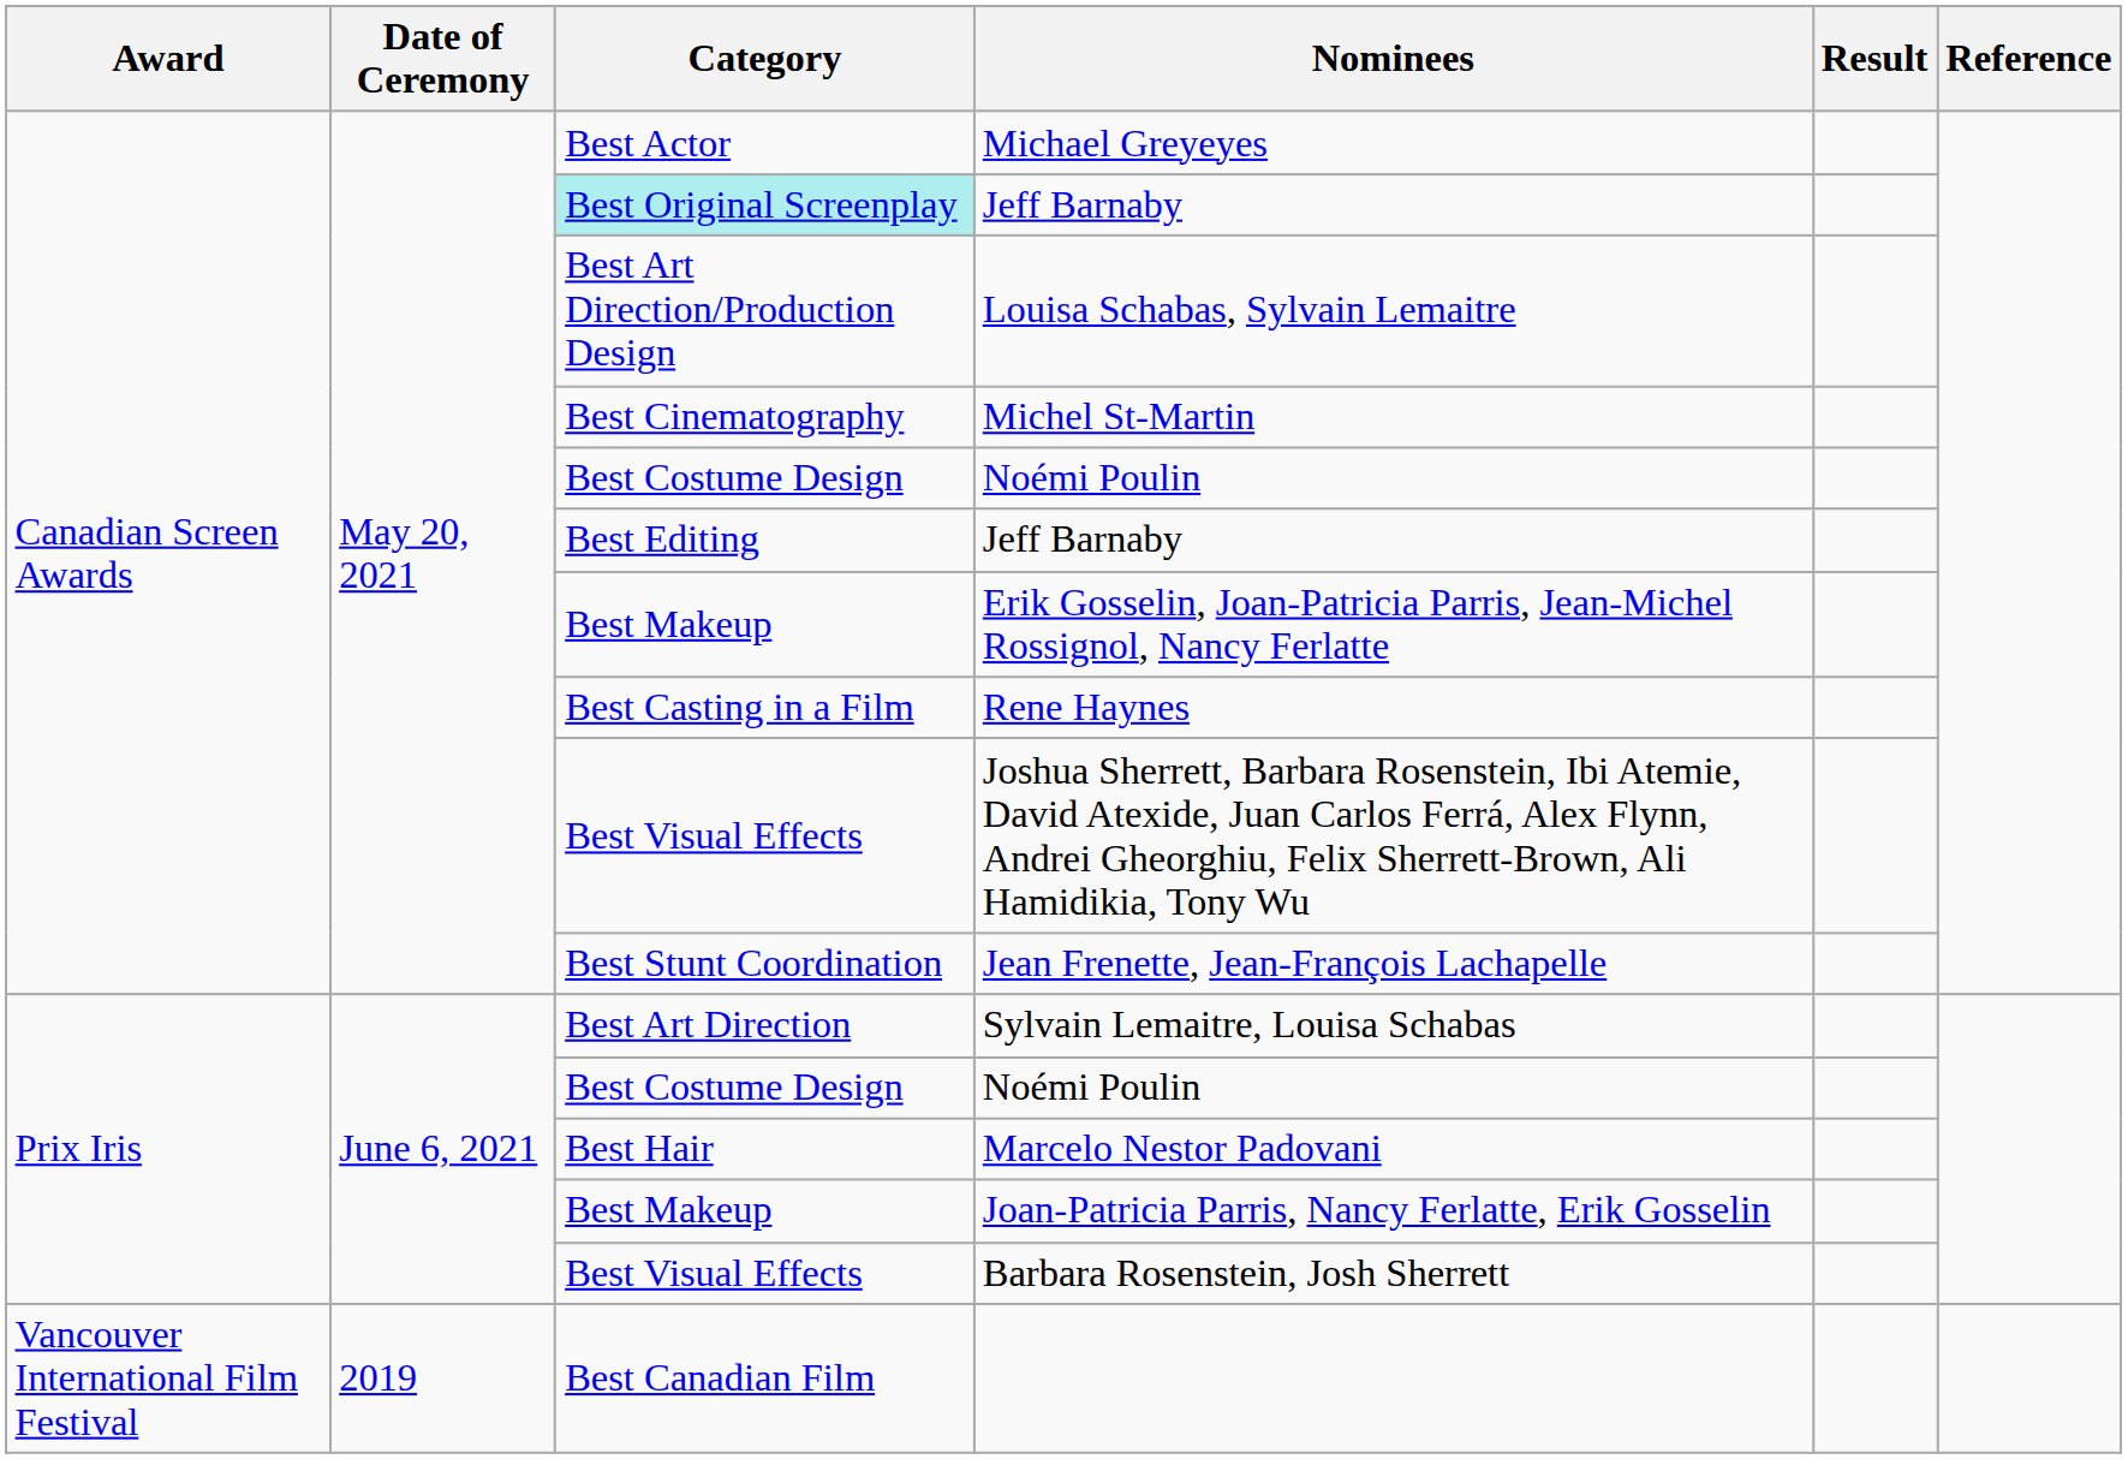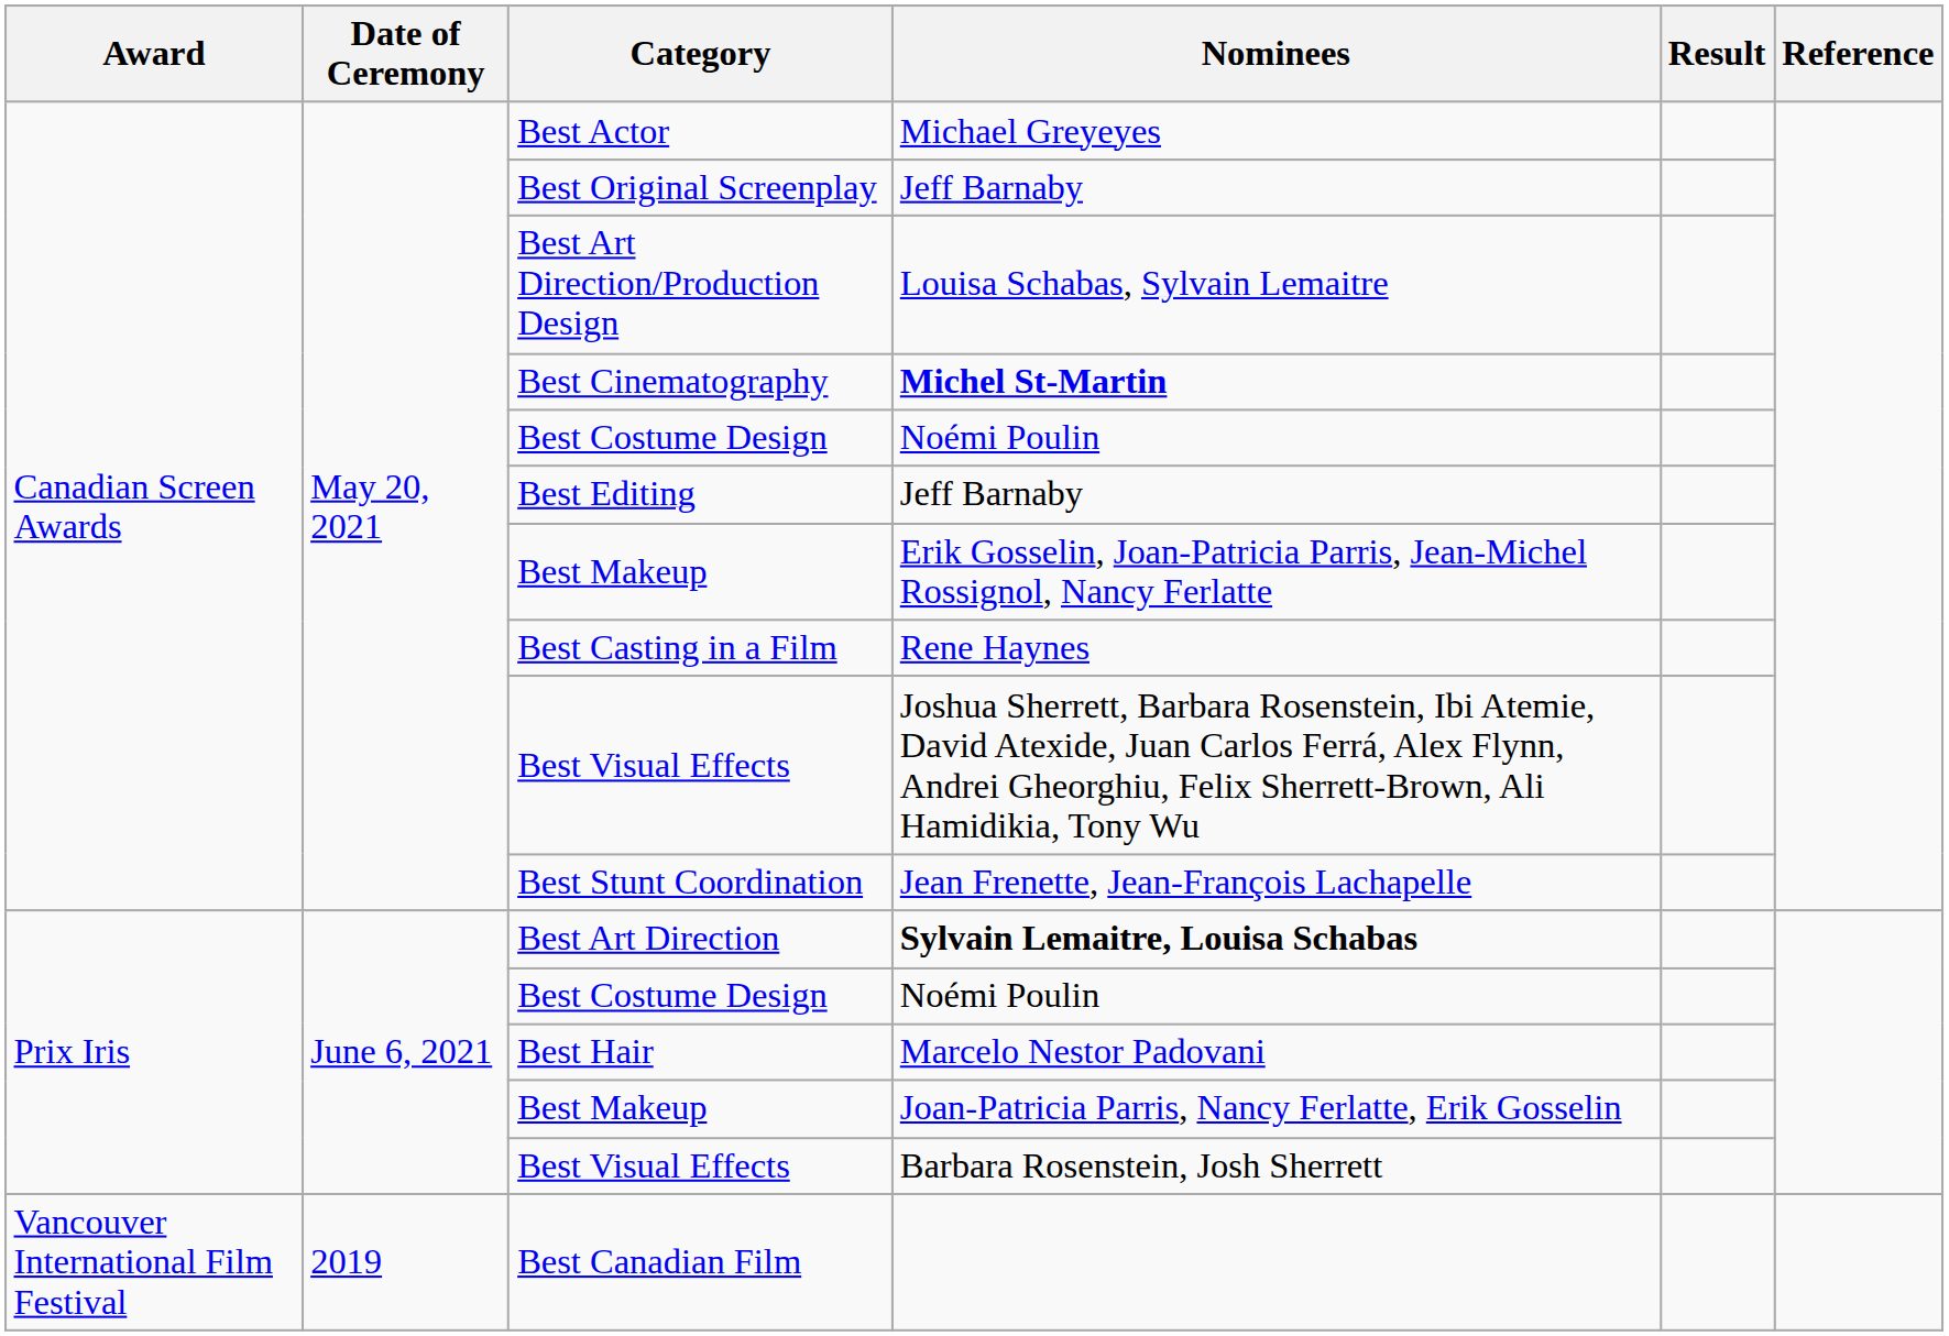 <table class="wikitable">
 <tr>
 <th>Award</th>
 <th>Date of Ceremony</th>
 <th>Category</th>
 <th>Nominees</th>
 <th>Result</th>
 <th>Reference</th>
 </tr>
 <tr>
 <td rowspan="10"><a href='#'>Canadian Screen Awards</a></td>
 <td rowspan="10"><a href='#'>May 20, 2021</a></td>
 <td><a href='#'>Best Actor</a></td>
 <td><a href='#'>Michael Greyeyes</a></td>
 <td></td>
 <td rowspan=10></td>
 </tr>
 <tr>
-<td style="background: paleturquoise;"><a href='#'>Best Original Screenplay</a></td>
+<td><a href='#'>Best Original Screenplay</a></td>
 <td><a href='#'>Jeff Barnaby</a></td>
 <td></td>
 </tr>
 <tr>
 <td><a href='#'>Best Art Direction/Production Design</a></td>
 <td><a href='#'>Louisa Schabas</a>, <a href='#'>Sylvain Lemaitre</a></td>
 <td></td>
 </tr>
 <tr>
 <td><a href='#'>Best Cinematography</a></td>
-<td><a href='#'>Michel St-Martin</a></td>
+<td><strong><a href='#'>Michel St-Martin</a></strong></td>
 <td></td>
 </tr>
 <tr>
 <td><a href='#'>Best Costume Design</a></td>
 <td><a href='#'>Noémi Poulin</a></td>
 <td></td>
 </tr>
 <tr>
 <td><a href='#'>Best Editing</a></td>
 <td>Jeff Barnaby</td>
 <td></td>
 </tr>
 <tr>
 <td><a href='#'>Best Makeup</a></td>
 <td><a href='#'>Erik Gosselin</a>, <a href='#'>Joan-Patricia Parris</a>, <a href='#'>Jean-Michel Rossignol</a>, <a href='#'>Nancy Ferlatte</a></td>
 <td></td>
 </tr>
 <tr>
 <td><a href='#'>Best Casting in a Film</a></td>
 <td><a href='#'>Rene Haynes</a></td>
 <td></td>
 </tr>
 <tr>
 <td><a href='#'>Best Visual Effects</a></td>
 <td>Joshua Sherrett, Barbara Rosenstein, Ibi Atemie, David Atexide, Juan Carlos Ferrá, Alex Flynn, Andrei Gheorghiu, Felix Sherrett-Brown, Ali Hamidikia, Tony Wu</td>
 <td></td>
 </tr>
 <tr>
 <td><a href='#'>Best Stunt Coordination</a></td>
 <td><a href='#'>Jean Frenette</a>, <a href='#'>Jean-François Lachapelle</a></td>
 <td></td>
 </tr>
 <tr>
 <td rowspan=5><a href='#'>Prix Iris</a></td>
 <td rowspan="5"><a href='#'>June 6, 2021</a></td>
 <td><a href='#'>Best Art Direction</a></td>
-<td>Sylvain Lemaitre, Louisa Schabas</td>
+<td><strong>Sylvain Lemaitre, Louisa Schabas</strong></td>
 <td></td>
 <td rowspan=5></td>
 </tr>
 <tr>
 <td><a href='#'>Best Costume Design</a></td>
 <td>Noémi Poulin</td>
 <td></td>
 </tr>
 <tr>
 <td><a href='#'>Best Hair</a></td>
 <td><a href='#'>Marcelo Nestor Padovani</a></td>
 <td></td>
 </tr>
 <tr>
 <td><a href='#'>Best Makeup</a></td>
 <td><a href='#'>Joan-Patricia Parris</a>, <a href='#'>Nancy Ferlatte</a>, <a href='#'>Erik Gosselin</a></td>
 <td></td>
 </tr>
 <tr>
 <td><a href='#'>Best Visual Effects</a></td>
 <td>Barbara Rosenstein, Josh Sherrett</td>
 <td></td>
 </tr>
 <tr>
 <td><a href='#'>Vancouver International Film Festival</a></td>
 <td><a href='#'>2019</a></td>
 <td><a href='#'>Best Canadian Film</a></td>
 <td></td>
 <td></td>
 <td></td>
 </tr>
 </table>
